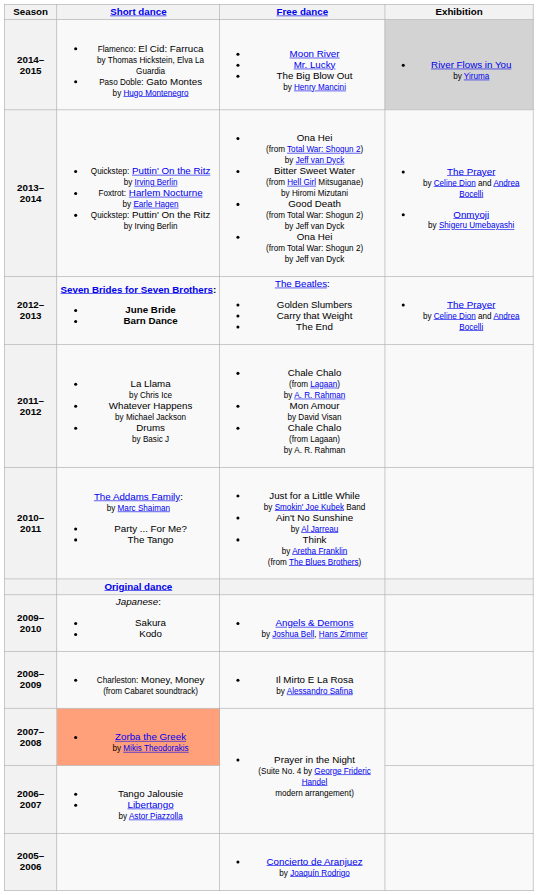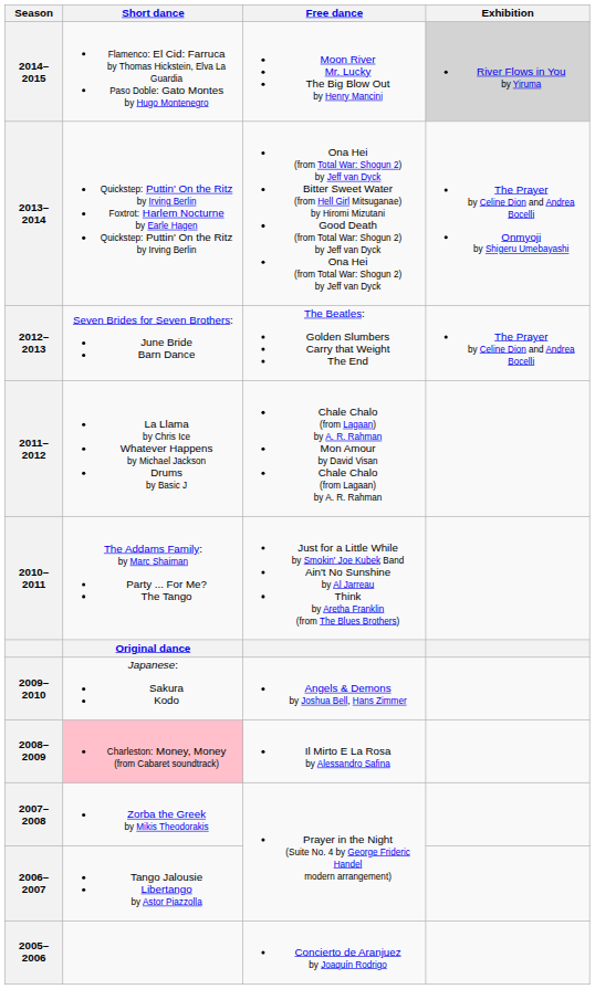 <table class="wikitable" style="text-align:center">
 <tr>
 <th>Season</th>
 <th><a href='#'>Short dance</a></th>
 <th><a href='#'>Free dance</a></th>
 <th>Exhibition</th>
 </tr>
 <tr>
 <th>2014–2015 <br> </th>
 <td><br><ul><li><small>Flamenco:</small> El Cid: Farruca <br><small> by Thomas Hickstein, Elva La Guardia </small></li><li><small>Paso Doble:</small> Gato Montes  <br><small> by <a href='#'>Hugo Montenegro</a> </small></li></ul></td>
 <td><br><ul><li><a href='#'>Moon River</a></li><li><a href='#'>Mr. Lucky</a></li><li>The Big Blow Out <br><small> by <a href='#'>Henry Mancini</a></small></li></ul></td>
 <td style="background: lightgrey;"><br><ul><li><a href='#'>River Flows in You</a> <br><small> by <a href='#'>Yiruma</a> </small></li></ul></td>
 </tr>
 <tr>
 <th>2013–2014 <br> </th>
 <td><br><ul><li><small>Quickstep:</small> <a href='#'>Puttin' On the Ritz</a> <br><small> by <a href='#'>Irving Berlin</a> </small></li><li><small>Foxtrot:</small> <a href='#'>Harlem Nocturne</a> <br><small> by <a href='#'>Earle Hagen</a> </small></li><li><small>Quickstep:</small> Puttin' On the Ritz <br><small> by Irving Berlin </small></li></ul></td>
 <td><br><ul><li>Ona Hei <br><small> (from <a href='#'>Total War: Shogun 2</a>) <br> by <a href='#'>Jeff van Dyck</a> </small></li><li>Bitter Sweet Water <br><small> (from <a href='#'>Hell Girl</a> Mitsuganae) <br> by Hiromi Mizutani </small></li><li>Good Death <br><small> (from Total War: Shogun 2) <br> by Jeff van Dyck </small></li><li>Ona Hei <br><small> (from Total War: Shogun 2) <br> by Jeff van Dyck </small></li></ul></td>
 <td><br><ul><li><a href='#'>The Prayer</a> <br><small> by <a href='#'>Celine Dion</a> and <a href='#'>Andrea Bocelli</a> </small></li></ul><ul><li><a href='#'>Onmyoji</a> <br><small> by <a href='#'>Shigeru Umebayashi</a> </small></li></ul></td>
 </tr>
 <tr>
 <th>2012–2013 <br> </th>
-<td><strong><a href='#'>Seven Brides for Seven Brothers</a>:<br><ul><li>June Bride</li><li>Barn Dance</li></ul></strong></td>
+<td><a href='#'>Seven Brides for Seven Brothers</a>:<br><ul><li>June Bride</li><li>Barn Dance</li></ul></td>
 <td><a href='#'>The Beatles</a>:<br><ul><li>Golden Slumbers</li><li>Carry that Weight</li><li>The End</li></ul></td>
 <td><br><ul><li><a href='#'>The Prayer</a> <br><small> by <a href='#'>Celine Dion</a> and <a href='#'>Andrea Bocelli</a> </small></li></ul></td>
 </tr>
 <tr>
 <th>2011–2012 <br> </th>
 <td><br><ul><li>La Llama <br><small> by Chris Ice </small></li><li>Whatever Happens <br><small> by Michael Jackson </small></li><li>Drums <br><small> by Basic J </small></li></ul></td>
 <td><br><ul><li>Chale Chalo <br><small> (from <a href='#'>Lagaan</a>) <br> by <a href='#'>A. R. Rahman</a> </small></li><li>Mon Amour <br><small> by David Visan </small></li><li>Chale Chalo <br><small> (from Lagaan) <br> by A. R. Rahman </small></li></ul></td>
 <td></td>
 </tr>
 <tr>
 <th>2010–2011 <br> </th>
 <td><a href='#'>The Addams Family</a>: <br><small> by <a href='#'>Marc Shaiman</a> </small><br><ul><li>Party ... For Me?</li><li>The Tango</li></ul></td>
 <td><br><ul><li>Just for a Little While <br><small> by <a href='#'>Smokin' Joe Kubek</a> Band </small></li><li>Ain't No Sunshine <br><small> by <a href='#'>Al Jarreau</a> </small></li><li>Think <br><small> by <a href='#'>Aretha Franklin</a> <br> (from <a href='#'>The Blues Brothers</a>) </small></li></ul></td>
 <td></td>
 </tr>
 <tr>
 <th></th>
 <th><a href='#'>Original dance</a></th>
 <th></th>
 <th></th>
 </tr>
 <tr>
 <th>2009–2010 <br> </th>
 <td><em>Japanese</em>:<br><ul><li>Sakura</li><li>Kodo</li></ul></td>
 <td><br><ul><li><a href='#'>Angels & Demons</a> <br><small> by <a href='#'>Joshua Bell</a>, <a href='#'>Hans Zimmer</a> </small></li></ul></td>
 <td></td>
 </tr>
 <tr>
 <th>2008–2009 <br> </th>
-<td><br><ul><li><small>Charleston:</small> Money, Money <br><small> (from Cabaret soundtrack) </small></li></ul></td>
+<td style="background: pink;"><br><ul><li><small>Charleston:</small> Money, Money <br><small> (from Cabaret soundtrack) </small></li></ul></td>
 <td><br><ul><li>Il Mirto E La Rosa <br><small> by <a href='#'>Alessandro Safina</a> </small></li></ul></td>
 <td></td>
 </tr>
 <tr>
 <th>2007–2008 <br> </th>
-<td style="background: lightsalmon;"><br><ul><li><a href='#'>Zorba the Greek</a> <br><small> by <a href='#'>Mikis Theodorakis</a> </small></li></ul></td>
+<td><br><ul><li><a href='#'>Zorba the Greek</a> <br><small> by <a href='#'>Mikis Theodorakis</a> </small></li></ul></td>
 <td rowspan=2><br><ul><li>Prayer in the Night <br><small> (Suite No. 4 by <a href='#'>George Frideric Handel</a> <br> modern arrangement) </small></li></ul></td>
 <td></td>
 </tr>
 <tr>
 <th>2006–2007 <br> </th>
 <td><br><ul><li>Tango Jalousie</li><li><a href='#'>Libertango</a> <br><small> by <a href='#'>Astor Piazzolla</a> </small></li></ul></td>
 <td></td>
 </tr>
 <tr>
 <th>2005–2006 <br> </th>
 <td></td>
 <td><br><ul><li><a href='#'>Concierto de Aranjuez</a> <br><small> by <a href='#'>Joaquín Rodrigo</a> </small></li></ul></td>
 <td></td>
 </tr>
 </table>
